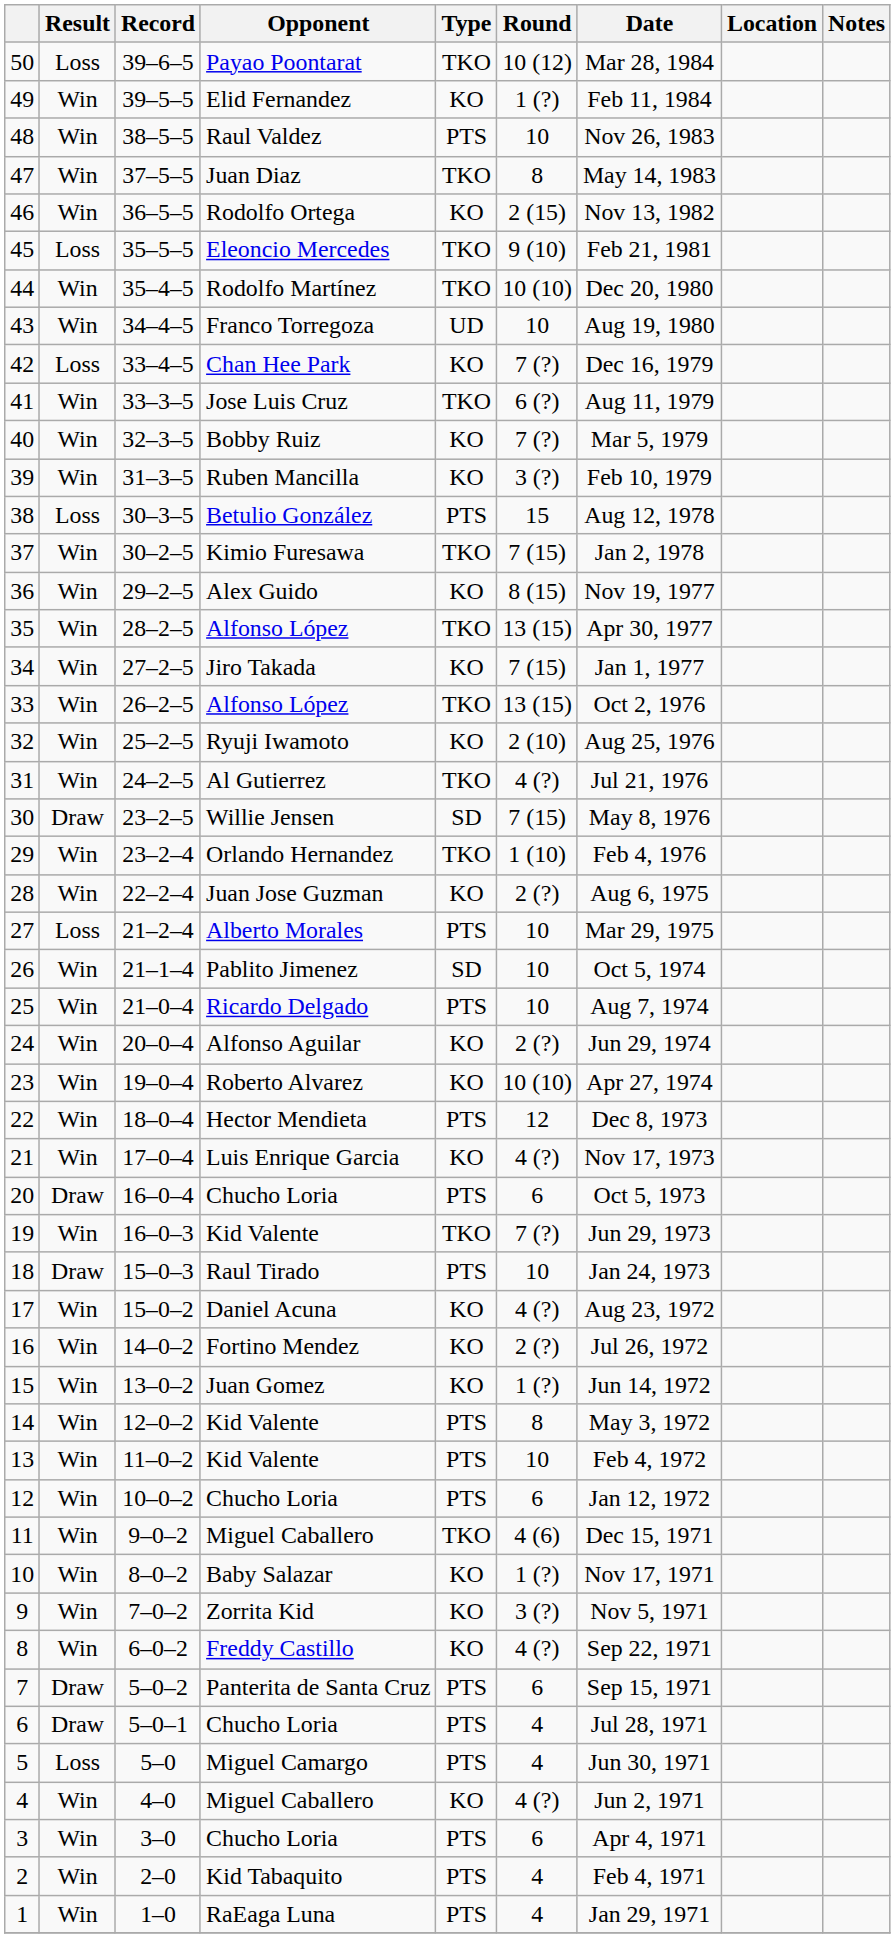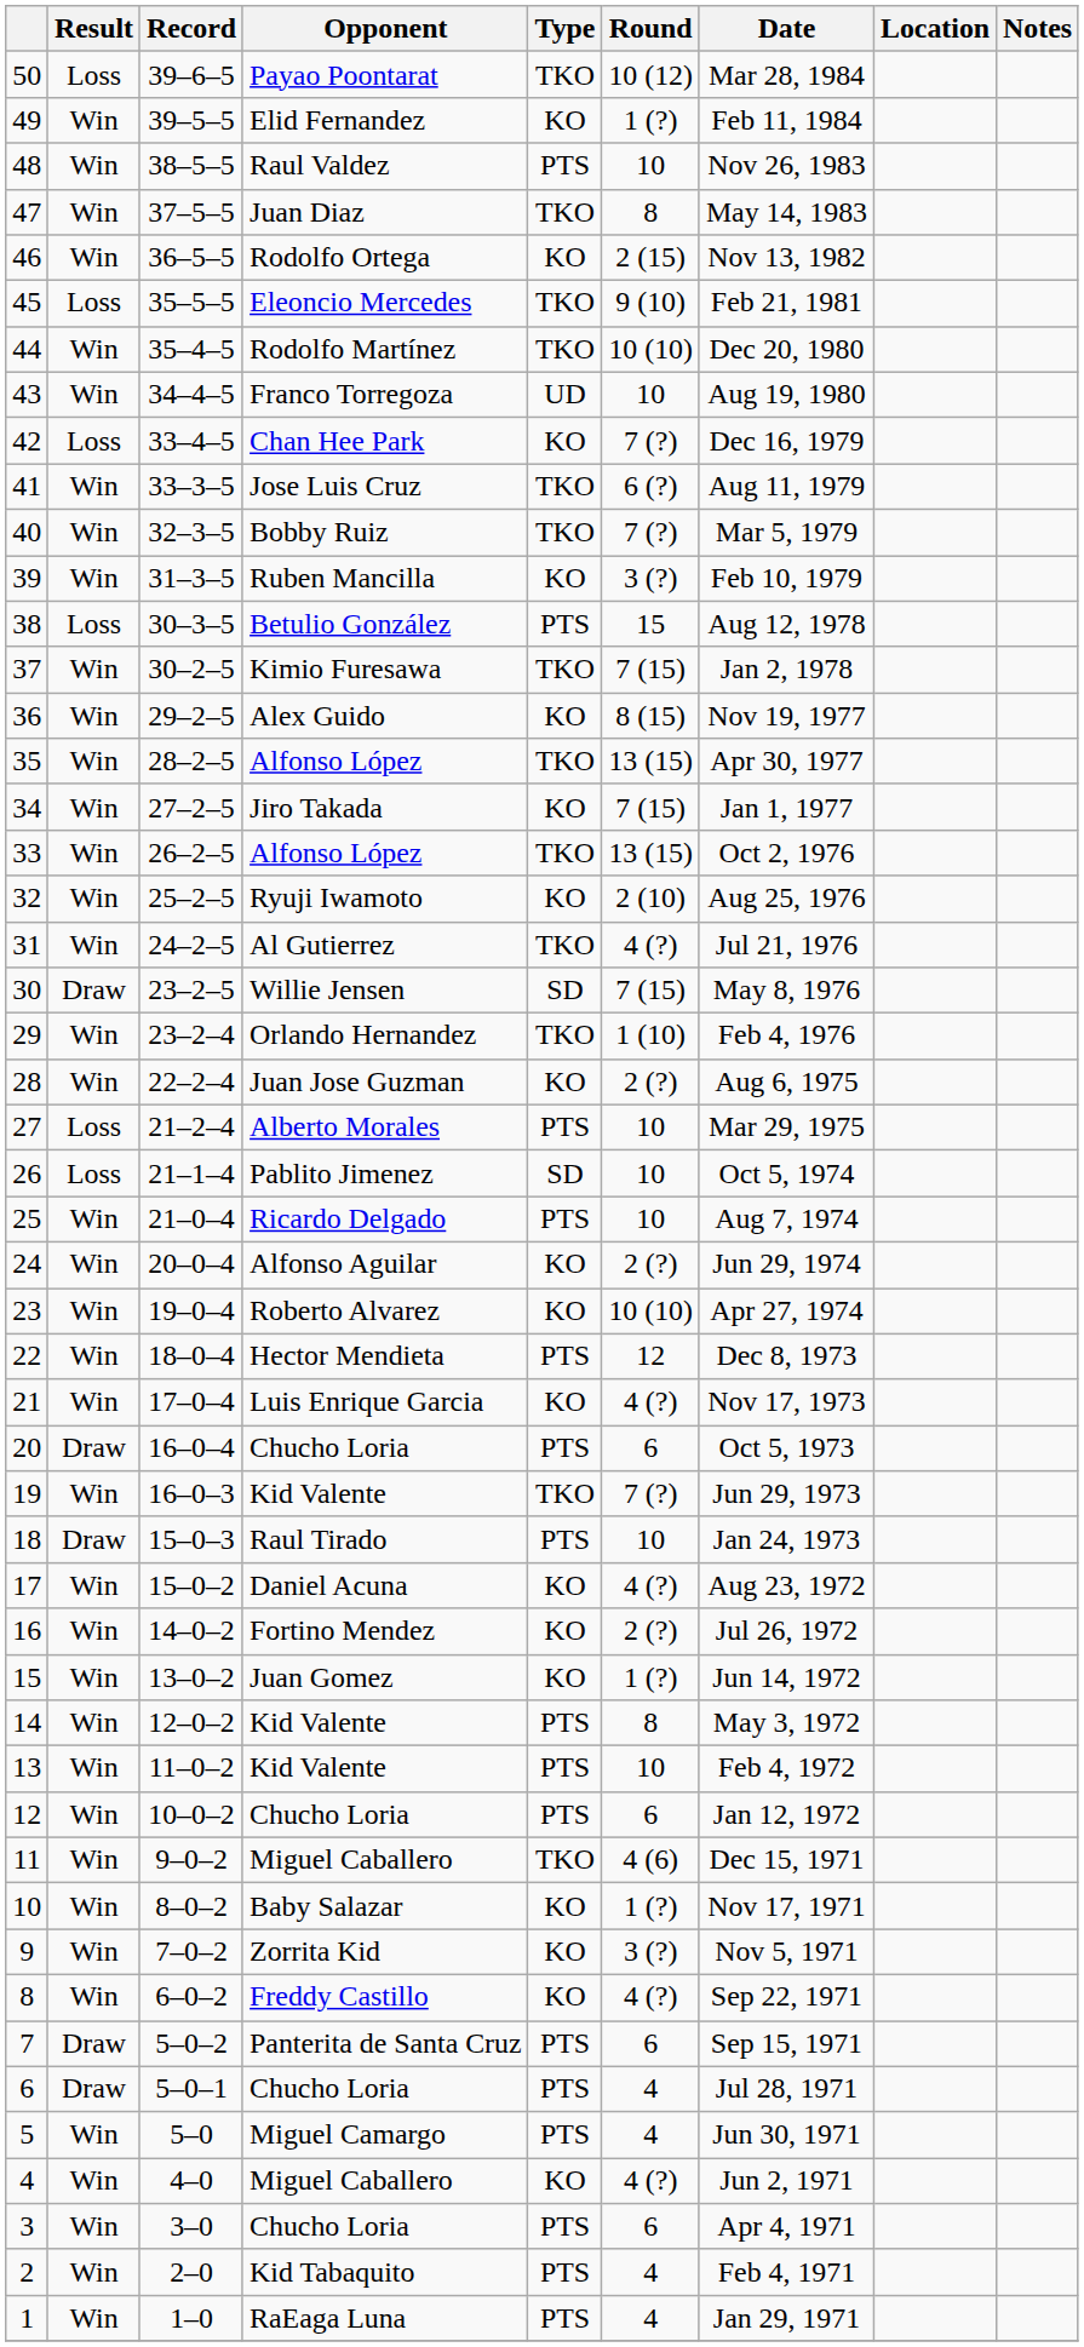 <table class="wikitable" style="text-align:center">
 <tr>
 <th></th>
 <th>Result</th>
 <th>Record</th>
 <th>Opponent</th>
 <th>Type</th>
 <th>Round</th>
 <th>Date</th>
 <th>Location</th>
 <th>Notes</th>
 </tr>
 <tr>
 <td>50</td>
 <td>Loss</td>
 <td>39–6–5</td>
 <td align=left><a href='#'>Payao Poontarat</a></td>
 <td>TKO</td>
 <td>10 (12)</td>
 <td>Mar 28, 1984</td>
 <td style="text-align:left;"></td>
 <td style="text-align:left;"></td>
 </tr>
 <tr>
 <td>49</td>
 <td>Win</td>
 <td>39–5–5</td>
 <td align=left>Elid Fernandez</td>
 <td>KO</td>
 <td>1 (?)</td>
 <td>Feb 11, 1984</td>
 <td style="text-align:left;"></td>
 <td></td>
 </tr>
 <tr>
 <td>48</td>
 <td>Win</td>
 <td>38–5–5</td>
 <td align=left>Raul Valdez</td>
 <td>PTS</td>
 <td>10</td>
 <td>Nov 26, 1983</td>
 <td style="text-align:left;"></td>
 <td></td>
 </tr>
 <tr>
 <td>47</td>
 <td>Win</td>
 <td>37–5–5</td>
 <td align=left>Juan Diaz</td>
 <td>TKO</td>
 <td>8</td>
 <td>May 14, 1983</td>
 <td style="text-align:left;"></td>
 <td></td>
 </tr>
 <tr>
 <td>46</td>
 <td>Win</td>
 <td>36–5–5</td>
 <td align=left>Rodolfo Ortega</td>
 <td>KO</td>
 <td>2 (15)</td>
 <td>Nov 13, 1982</td>
 <td style="text-align:left;"></td>
 <td></td>
 </tr>
 <tr>
 <td>45</td>
 <td>Loss</td>
 <td>35–5–5</td>
 <td align=left><a href='#'>Eleoncio Mercedes</a></td>
 <td>TKO</td>
 <td>9 (10)</td>
 <td>Feb 21, 1981</td>
 <td style="text-align:left;"></td>
 <td></td>
 </tr>
 <tr>
 <td>44</td>
 <td>Win</td>
 <td>35–4–5</td>
 <td align=left>Rodolfo Martínez</td>
 <td>TKO</td>
 <td>10 (10)</td>
 <td>Dec 20, 1980</td>
 <td style="text-align:left;"></td>
 <td></td>
 </tr>
 <tr>
 <td>43</td>
 <td>Win</td>
 <td>34–4–5</td>
 <td align=left>Franco Torregoza</td>
 <td>UD</td>
 <td>10</td>
 <td>Aug 19, 1980</td>
 <td style="text-align:left;"></td>
 <td></td>
 </tr>
 <tr>
 <td>42</td>
 <td>Loss</td>
 <td>33–4–5</td>
 <td align=left><a href='#'>Chan Hee Park</a></td>
 <td>KO</td>
 <td>7 (?)</td>
 <td>Dec 16, 1979</td>
 <td style="text-align:left;"></td>
 <td style="text-align:left;"></td>
 </tr>
 <tr>
 <td>41</td>
 <td>Win</td>
 <td>33–3–5</td>
 <td align=left>Jose Luis Cruz</td>
 <td>TKO</td>
 <td>6 (?)</td>
 <td>Aug 11, 1979</td>
 <td style="text-align:left;"></td>
 <td></td>
 </tr>
 <tr>
 <td>40</td>
 <td>Win</td>
 <td>32–3–5</td>
 <td align=left>Bobby Ruiz</td>
-<td>KO</td>
+<td>TKO</td>
 <td>7 (?)</td>
 <td>Mar 5, 1979</td>
 <td style="text-align:left;"></td>
 <td></td>
 </tr>
 <tr>
 <td>39</td>
 <td>Win</td>
 <td>31–3–5</td>
 <td align=left>Ruben Mancilla</td>
 <td>KO</td>
 <td>3 (?)</td>
 <td>Feb 10, 1979</td>
 <td style="text-align:left;"></td>
 <td></td>
 </tr>
 <tr>
 <td>38</td>
 <td>Loss</td>
 <td>30–3–5</td>
 <td align=left><a href='#'>Betulio González</a></td>
 <td>PTS</td>
 <td>15</td>
 <td>Aug 12, 1978</td>
 <td style="text-align:left;"></td>
 <td style="text-align:left;"></td>
 </tr>
 <tr>
 <td>37</td>
 <td>Win</td>
 <td>30–2–5</td>
 <td align=left>Kimio Furesawa</td>
 <td>TKO</td>
 <td>7 (15)</td>
 <td>Jan 2, 1978</td>
 <td style="text-align:left;"></td>
 <td style="text-align:left;"></td>
 </tr>
 <tr>
 <td>36</td>
 <td>Win</td>
 <td>29–2–5</td>
 <td align=left>Alex Guido</td>
 <td>KO</td>
 <td>8 (15)</td>
 <td>Nov 19, 1977</td>
 <td style="text-align:left;"></td>
 <td style="text-align:left;"></td>
 </tr>
 <tr>
 <td>35</td>
 <td>Win</td>
 <td>28–2–5</td>
 <td align=left><a href='#'>Alfonso López</a></td>
 <td>TKO</td>
 <td>13 (15)</td>
 <td>Apr 30, 1977</td>
 <td style="text-align:left;"></td>
 <td style="text-align:left;"></td>
 </tr>
 <tr>
 <td>34</td>
 <td>Win</td>
 <td>27–2–5</td>
 <td align=left>Jiro Takada</td>
 <td>KO</td>
 <td>7 (15)</td>
 <td>Jan 1, 1977</td>
 <td style="text-align:left;"></td>
 <td style="text-align:left;"></td>
 </tr>
 <tr>
 <td>33</td>
 <td>Win</td>
 <td>26–2–5</td>
 <td align=left><a href='#'>Alfonso López</a></td>
 <td>TKO</td>
 <td>13 (15)</td>
 <td>Oct 2, 1976</td>
 <td style="text-align:left;"></td>
 <td style="text-align:left;"></td>
 </tr>
 <tr>
 <td>32</td>
 <td>Win</td>
 <td>25–2–5</td>
 <td align=left>Ryuji Iwamoto</td>
 <td>KO</td>
 <td>2 (10)</td>
 <td>Aug 25, 1976</td>
 <td style="text-align:left;"></td>
 <td></td>
 </tr>
 <tr>
 <td>31</td>
 <td>Win</td>
 <td>24–2–5</td>
 <td align=left>Al Gutierrez</td>
 <td>TKO</td>
 <td>4 (?)</td>
 <td>Jul 21, 1976</td>
 <td style="text-align:left;"></td>
 <td></td>
 </tr>
 <tr>
 <td>30</td>
 <td>Draw</td>
 <td>23–2–5</td>
 <td align=left>Willie Jensen</td>
 <td>SD</td>
 <td>7 (15)</td>
 <td>May 8, 1976</td>
 <td style="text-align:left;"></td>
 <td></td>
 </tr>
 <tr>
 <td>29</td>
 <td>Win</td>
 <td>23–2–4</td>
 <td align=left>Orlando Hernandez</td>
 <td>TKO</td>
 <td>1 (10)</td>
 <td>Feb 4, 1976</td>
 <td style="text-align:left;"></td>
 <td></td>
 </tr>
 <tr>
 <td>28</td>
 <td>Win</td>
 <td>22–2–4</td>
 <td align=left>Juan Jose Guzman</td>
 <td>KO</td>
 <td>2 (?)</td>
 <td>Aug 6, 1975</td>
 <td style="text-align:left;"></td>
 <td></td>
 </tr>
 <tr>
 <td>27</td>
 <td>Loss</td>
 <td>21–2–4</td>
 <td align=left><a href='#'>Alberto Morales</a></td>
 <td>PTS</td>
 <td>10</td>
 <td>Mar 29, 1975</td>
 <td style="text-align:left;"></td>
 <td></td>
 </tr>
 <tr>
 <td>26</td>
-<td>Win</td>
+<td>Loss</td>
 <td>21–1–4</td>
 <td align=left>Pablito Jimenez</td>
 <td>SD</td>
 <td>10</td>
 <td>Oct 5, 1974</td>
 <td style="text-align:left;"></td>
 <td></td>
 </tr>
 <tr>
 <td>25</td>
 <td>Win</td>
 <td>21–0–4</td>
 <td align=left><a href='#'>Ricardo Delgado</a></td>
 <td>PTS</td>
 <td>10</td>
 <td>Aug 7, 1974</td>
 <td style="text-align:left;"></td>
 <td></td>
 </tr>
 <tr>
 <td>24</td>
 <td>Win</td>
 <td>20–0–4</td>
 <td align=left>Alfonso Aguilar</td>
 <td>KO</td>
 <td>2 (?)</td>
 <td>Jun 29, 1974</td>
 <td style="text-align:left;"></td>
 <td></td>
 </tr>
 <tr>
 <td>23</td>
 <td>Win</td>
 <td>19–0–4</td>
 <td align=left>Roberto Alvarez</td>
 <td>KO</td>
 <td>10 (10)</td>
 <td>Apr 27, 1974</td>
 <td style="text-align:left;"></td>
 <td></td>
 </tr>
 <tr>
 <td>22</td>
 <td>Win</td>
 <td>18–0–4</td>
 <td align=left>Hector Mendieta</td>
 <td>PTS</td>
 <td>12</td>
 <td>Dec 8, 1973</td>
 <td style="text-align:left;"></td>
 <td style="text-align:left;"></td>
 </tr>
 <tr>
 <td>21</td>
 <td>Win</td>
 <td>17–0–4</td>
 <td align=left>Luis Enrique Garcia</td>
 <td>KO</td>
 <td>4 (?)</td>
 <td>Nov 17, 1973</td>
 <td style="text-align:left;"></td>
 <td></td>
 </tr>
 <tr>
 <td>20</td>
 <td>Draw</td>
 <td>16–0–4</td>
 <td align=left>Chucho Loria</td>
 <td>PTS</td>
 <td>6</td>
 <td>Oct 5, 1973</td>
 <td style="text-align:left;"></td>
 <td></td>
 </tr>
 <tr>
 <td>19</td>
 <td>Win</td>
 <td>16–0–3</td>
 <td align=left>Kid Valente</td>
 <td>TKO</td>
 <td>7 (?)</td>
 <td>Jun 29, 1973</td>
 <td style="text-align:left;"></td>
 <td></td>
 </tr>
 <tr>
 <td>18</td>
 <td>Draw</td>
 <td>15–0–3</td>
 <td align=left>Raul Tirado</td>
 <td>PTS</td>
 <td>10</td>
 <td>Jan 24, 1973</td>
 <td style="text-align:left;"></td>
 <td></td>
 </tr>
 <tr>
 <td>17</td>
 <td>Win</td>
 <td>15–0–2</td>
 <td align=left>Daniel Acuna</td>
 <td>KO</td>
 <td>4 (?)</td>
 <td>Aug 23, 1972</td>
 <td style="text-align:left;"></td>
 <td></td>
 </tr>
 <tr>
 <td>16</td>
 <td>Win</td>
 <td>14–0–2</td>
 <td align=left>Fortino Mendez</td>
 <td>KO</td>
 <td>2 (?)</td>
 <td>Jul 26, 1972</td>
 <td style="text-align:left;"></td>
 <td></td>
 </tr>
 <tr>
 <td>15</td>
 <td>Win</td>
 <td>13–0–2</td>
 <td align=left>Juan Gomez</td>
 <td>KO</td>
 <td>1 (?)</td>
 <td>Jun 14, 1972</td>
 <td style="text-align:left;"></td>
 <td></td>
 </tr>
 <tr>
 <td>14</td>
 <td>Win</td>
 <td>12–0–2</td>
 <td align=left>Kid Valente</td>
 <td>PTS</td>
 <td>8</td>
 <td>May 3, 1972</td>
 <td style="text-align:left;"></td>
 <td></td>
 </tr>
 <tr>
 <td>13</td>
 <td>Win</td>
 <td>11–0–2</td>
 <td align=left>Kid Valente</td>
 <td>PTS</td>
 <td>10</td>
 <td>Feb 4, 1972</td>
 <td style="text-align:left;"></td>
 <td></td>
 </tr>
 <tr>
 <td>12</td>
 <td>Win</td>
 <td>10–0–2</td>
 <td align=left>Chucho Loria</td>
 <td>PTS</td>
 <td>6</td>
 <td>Jan 12, 1972</td>
 <td style="text-align:left;"></td>
 <td></td>
 </tr>
 <tr>
 <td>11</td>
 <td>Win</td>
 <td>9–0–2</td>
 <td align=left>Miguel Caballero</td>
 <td>TKO</td>
 <td>4 (6)</td>
 <td>Dec 15, 1971</td>
 <td style="text-align:left;"></td>
 <td></td>
 </tr>
 <tr>
 <td>10</td>
 <td>Win</td>
 <td>8–0–2</td>
 <td align=left>Baby Salazar</td>
 <td>KO</td>
 <td>1 (?)</td>
 <td>Nov 17, 1971</td>
 <td style="text-align:left;"></td>
 <td></td>
 </tr>
 <tr>
 <td>9</td>
 <td>Win</td>
 <td>7–0–2</td>
 <td align=left>Zorrita Kid</td>
 <td>KO</td>
 <td>3 (?)</td>
 <td>Nov 5, 1971</td>
 <td style="text-align:left;"></td>
 <td></td>
 </tr>
 <tr>
 <td>8</td>
 <td>Win</td>
 <td>6–0–2</td>
 <td align=left><a href='#'>Freddy Castillo</a></td>
 <td>KO</td>
 <td>4 (?)</td>
 <td>Sep 22, 1971</td>
 <td style="text-align:left;"></td>
 <td></td>
 </tr>
 <tr>
 <td>7</td>
 <td>Draw</td>
 <td>5–0–2</td>
 <td align=left>Panterita de Santa Cruz</td>
 <td>PTS</td>
 <td>6</td>
 <td>Sep 15, 1971</td>
 <td style="text-align:left;"></td>
 <td></td>
 </tr>
 <tr>
 <td>6</td>
 <td>Draw</td>
 <td>5–0–1</td>
 <td align=left>Chucho Loria</td>
 <td>PTS</td>
 <td>4</td>
 <td>Jul 28, 1971</td>
 <td style="text-align:left;"></td>
 <td></td>
 </tr>
 <tr>
 <td>5</td>
-<td>Loss</td>
+<td>Win</td>
 <td>5–0</td>
 <td align=left>Miguel Camargo</td>
 <td>PTS</td>
 <td>4</td>
 <td>Jun 30, 1971</td>
 <td style="text-align:left;"></td>
 <td></td>
 </tr>
 <tr>
 <td>4</td>
 <td>Win</td>
 <td>4–0</td>
 <td align=left>Miguel Caballero</td>
 <td>KO</td>
 <td>4 (?)</td>
 <td>Jun 2, 1971</td>
 <td style="text-align:left;"></td>
 <td></td>
 </tr>
 <tr>
 <td>3</td>
 <td>Win</td>
 <td>3–0</td>
 <td align=left>Chucho Loria</td>
 <td>PTS</td>
 <td>6</td>
 <td>Apr 4, 1971</td>
 <td style="text-align:left;"></td>
 <td></td>
 </tr>
 <tr>
 <td>2</td>
 <td>Win</td>
 <td>2–0</td>
 <td align=left>Kid Tabaquito</td>
 <td>PTS</td>
 <td>4</td>
 <td>Feb 4, 1971</td>
 <td style="text-align:left;"></td>
 <td></td>
 </tr>
 <tr>
 <td>1</td>
 <td>Win</td>
 <td>1–0</td>
 <td align=left>RaEaga Luna</td>
 <td>PTS</td>
 <td>4</td>
 <td>Jan 29, 1971</td>
 <td style="text-align:left;"></td>
 <td></td>
 </tr>
 <tr>
 </tr>
 </table>
